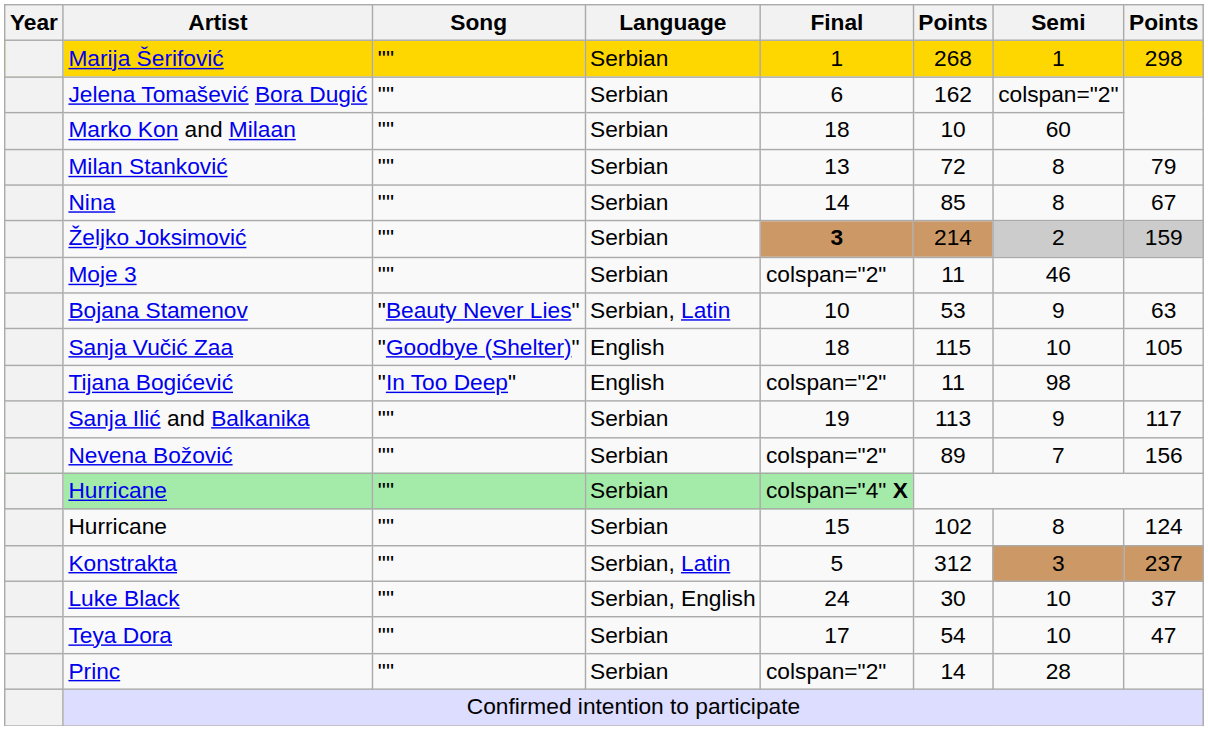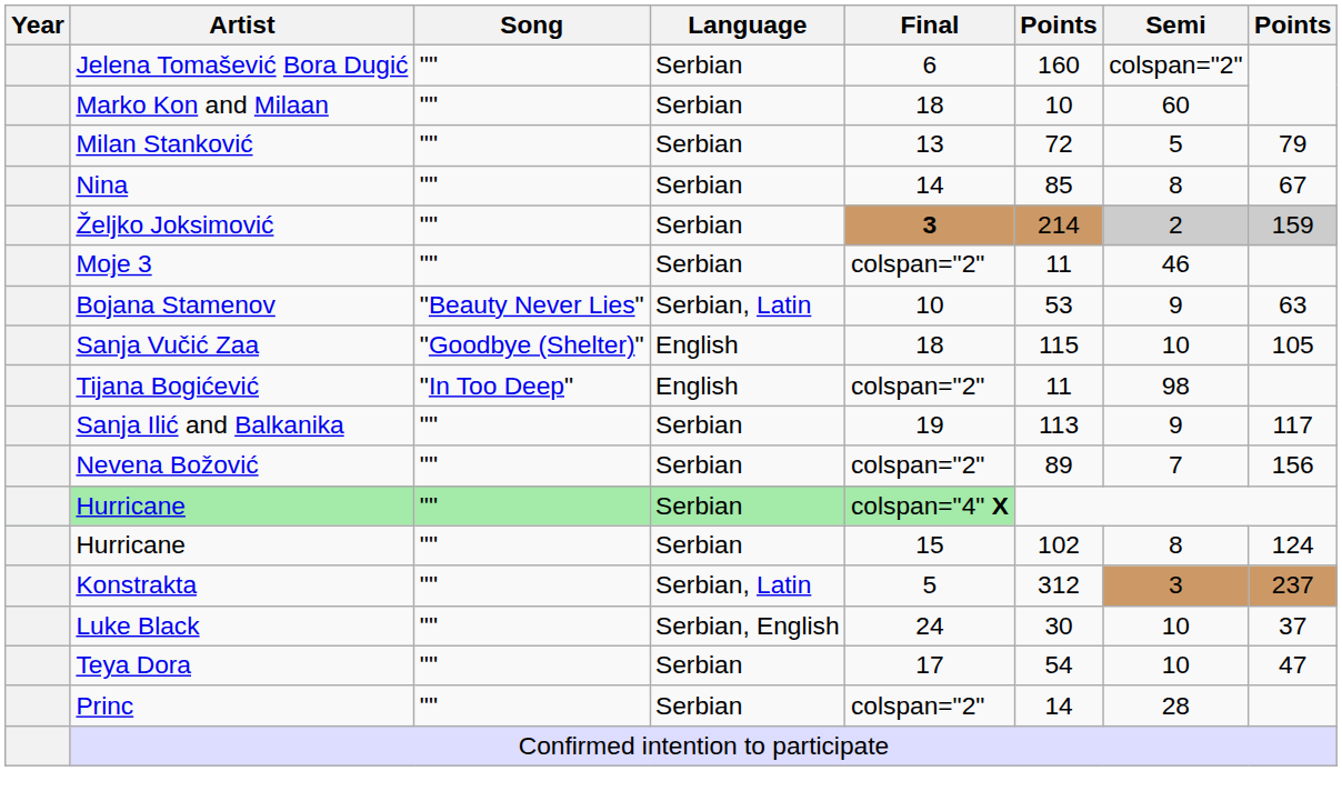 <table class="wikitable sortable plainrowheaders">
 <tr>
 <th scope="col">Year</th>
 <th scope="col">Artist</th>
 <th scope="col">Song</th>
 <th scope="col">Language</th>
 <th scope="col" data-sort-type="number">Final</th>
 <th scope="col" data-sort-type="number">Points</th>
 <th scope="col" data-sort-type="number">Semi</th>
 <th scope="col" data-sort-type="number">Points</th>
 </tr>
-<tr style="background-color:#FFD700;">
-<th scope="row" style="text-align:center;"></th>
-<td><a href='#'>Marija Šerifović</a></td>
-<td>"" </td>
-<td>Serbian</td>
-<td style="text-align:center;">1</td>
-<td style="text-align:center;">268</td>
-<td style="text-align:center;">1</td>
-<td style="text-align:center;">298</td>
-</tr>
 <tr>
 <th scope="row" style="text-align:center;"></th>
 <td><a href='#'>Jelena Tomašević</a>  <a href='#'>Bora Dugić</a></td>
 <td>"" </td>
 <td>Serbian</td>
 <td style="text-align:center;">6</td>
-<td style="text-align:center;">162</td>
+<td style="text-align:center;">160</td>
 <td>colspan="2" </td>
 </tr>
 <tr>
 <th scope="row" style="text-align:center;"></th>
 <td><a href='#'>Marko Kon</a> and <a href='#'>Milaan</a></td>
 <td>"" </td>
 <td>Serbian</td>
 <td style="text-align:center;">18</td>
 <td style="text-align:center;">10</td>
 <td style="text-align:center;">60</td>
 </tr>
 <tr>
 <th scope="row" style="text-align:center;"></th>
 <td><a href='#'>Milan Stanković</a></td>
 <td>"" </td>
 <td>Serbian</td>
 <td style="text-align:center;">13</td>
 <td style="text-align:center;">72</td>
-<td style="text-align:center;">8</td>
+<td style="text-align:center;">5</td>
 <td style="text-align:center;">79</td>
 </tr>
 <tr>
 <th scope="row" style="text-align:center;"></th>
 <td><a href='#'>Nina</a></td>
 <td>"" </td>
 <td>Serbian</td>
 <td style="text-align:center;">14</td>
 <td style="text-align:center;">85</td>
 <td style="text-align:center;">8</td>
 <td style="text-align:center;">67</td>
 </tr>
 <tr>
 <th scope="row" style="text-align:center;"></th>
 <td><a href='#'>Željko Joksimović</a></td>
 <td>"" </td>
 <td>Serbian</td>
 <td style="text-align:center; background-color:#C96;"><strong>3</strong></td>
 <td style="text-align:center; background-color:#C96;">214</td>
 <td style="text-align:center; background-color:#CCC;">2</td>
 <td style="text-align:center; background-color:#CCC;">159</td>
 </tr>
 <tr>
 <th scope="row" style="text-align:center;"></th>
 <td><a href='#'>Moje 3</a></td>
 <td>"" </td>
 <td>Serbian</td>
 <td>colspan="2" </td>
 <td style="text-align:center;">11</td>
 <td style="text-align:center;">46</td>
 </tr>
 <tr>
 <th scope="row" style="text-align:center;"></th>
 <td><a href='#'>Bojana Stamenov</a></td>
 <td>"<a href='#'>Beauty Never Lies</a>"</td>
 <td>Serbian, <a href='#'>Latin</a></td>
 <td style="text-align:center;">10</td>
 <td style="text-align:center;">53</td>
 <td style="text-align:center;">9</td>
 <td style="text-align:center;">63</td>
 </tr>
 <tr>
 <th scope="row" style="text-align:center;"></th>
 <td><a href='#'>Sanja Vučić Zaa</a></td>
 <td>"<a href='#'>Goodbye (Shelter)</a>"</td>
 <td>English</td>
 <td style="text-align:center;">18</td>
 <td style="text-align:center;">115</td>
 <td style="text-align:center;">10</td>
 <td style="text-align:center;">105</td>
 </tr>
 <tr>
 <th scope="row" style="text-align:center;"></th>
 <td><a href='#'>Tijana Bogićević</a></td>
 <td>"<a href='#'>In Too Deep</a>"</td>
 <td>English</td>
 <td>colspan="2" </td>
 <td style="text-align:center;">11</td>
 <td style="text-align:center;">98</td>
 </tr>
 <tr>
 <th scope="row" style="text-align:center;"></th>
 <td><a href='#'>Sanja Ilić</a> and <a href='#'>Balkanika</a></td>
 <td>"" </td>
 <td>Serbian</td>
 <td style="text-align:center;">19</td>
 <td style="text-align:center;">113</td>
 <td style="text-align:center;">9</td>
 <td style="text-align:center;">117</td>
 </tr>
 <tr>
 <th scope="row" style="text-align:center;"></th>
 <td><a href='#'>Nevena Božović</a></td>
 <td>"" </td>
 <td>Serbian</td>
 <td>colspan="2" </td>
 <td style="text-align:center;">89</td>
 <td style="text-align:center;">7</td>
 <td style="text-align:center;">156</td>
 </tr>
 <tr style="background-color:#A4EAA9;">
 <th scope="row" style="text-align:center;"></th>
 <td><a href='#'>Hurricane</a></td>
 <td>""</td>
 <td>Serbian</td>
 <td>colspan="4"  <strong>X</strong></td>
 </tr>
 <tr>
 <th scope="row" style="text-align:center;"></th>
 <td>Hurricane</td>
 <td>""</td>
 <td>Serbian</td>
 <td style="text-align:center;">15</td>
 <td style="text-align:center;">102</td>
 <td style="text-align:center;">8</td>
 <td style="text-align:center;">124</td>
 </tr>
 <tr>
 <th scope="row" style="text-align:center;"></th>
 <td><a href='#'>Konstrakta</a></td>
 <td>""</td>
 <td>Serbian, <a href='#'>Latin</a></td>
 <td style="text-align:center;">5</td>
 <td style="text-align:center;">312</td>
 <td style="text-align:center; background-color:#C96;">3</td>
 <td style="text-align:center; background-color:#C96;">237</td>
 </tr>
 <tr>
 <th scope="row" style="text-align:center;"></th>
 <td><a href='#'>Luke Black</a></td>
 <td>"" </td>
 <td>Serbian, English</td>
 <td style="text-align:center;">24</td>
 <td style="text-align:center;">30</td>
 <td style="text-align:center;">10</td>
 <td style="text-align:center;">37</td>
 </tr>
 <tr>
 <th scope="row" style="text-align:center;"></th>
 <td><a href='#'>Teya Dora</a></td>
 <td>"" </td>
 <td>Serbian</td>
 <td style="text-align:center;">17</td>
 <td style="text-align:center;">54</td>
 <td style="text-align:center;">10</td>
 <td style="text-align:center;">47</td>
 </tr>
 <tr>
 <th scope="row" style="text-align:center;"></th>
 <td><a href='#'>Princ</a></td>
 <td>"" </td>
 <td>Serbian</td>
 <td>colspan="2" </td>
 <td style="text-align:center;">14</td>
 <td style="text-align:center;">28</td>
 </tr>
 <tr bgcolor=#ddf>
 <th scope="row" style="text-align:center;"></th>
 <td colspan="7" align="center">Confirmed intention to participate</td>
 </tr>
 </table>
